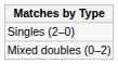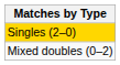 <table class=wikitable>
 <tr>
 <th>Matches by Type</th>
 </tr>
 <tr>
-<td>Singles (2–0)</td>
+<td style="background: gold;">Singles (2–0)</td>
 </tr>
 <tr>
 <td>Mixed doubles (0–2)</td>
 </tr>
 </table>
